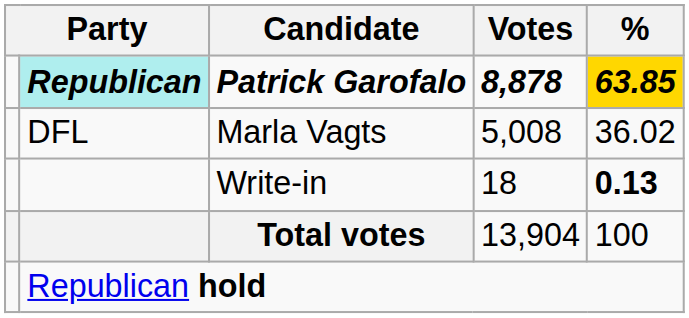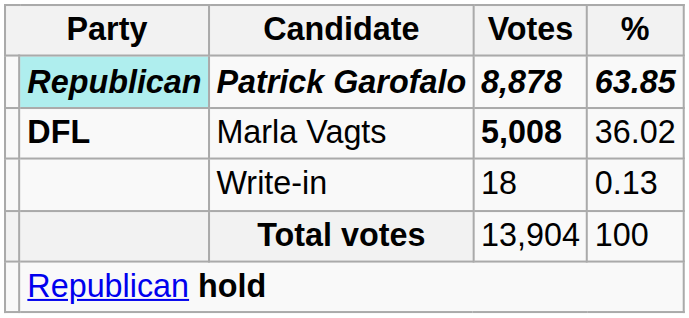 <table class="wikitable">
 <tr>
 <th colspan="2">Party</th>
 <th>Candidate</th>
 <th>Votes</th>
 <th>%</th>
 </tr>
 <tr>
 <td></td>
 <td style="background: paleturquoise;"><strong><em>Republican</em></strong></td>
 <td><strong><em>Patrick Garofalo</em></strong></td>
 <td><strong><em>8,878</em></strong></td>
-<td style="background: gold;"><strong><em>63.85</em></strong></td>
+<td><strong><em>63.85</em></strong></td>
 </tr>
 <tr>
 <td></td>
-<td>DFL</td>
+<td><strong>DFL</strong></td>
 <td>Marla Vagts</td>
-<td>5,008</td>
+<td><strong>5,008</strong></td>
 <td>36.02</td>
 </tr>
 <tr>
 <td></td>
 <td></td>
 <td>Write-in</td>
 <td>18</td>
-<td><strong>0.13</strong></td>
+<td>0.13</td>
 </tr>
 <tr>
 <th></th>
 <th></th>
 <th>Total votes</th>
 <td>13,904</td>
 <td>100</td>
 </tr>
 <tr>
 <td></td>
 <td colspan="4"><a href='#'>Republican</a> <strong>hold</strong></td>
 </tr>
 </table>
